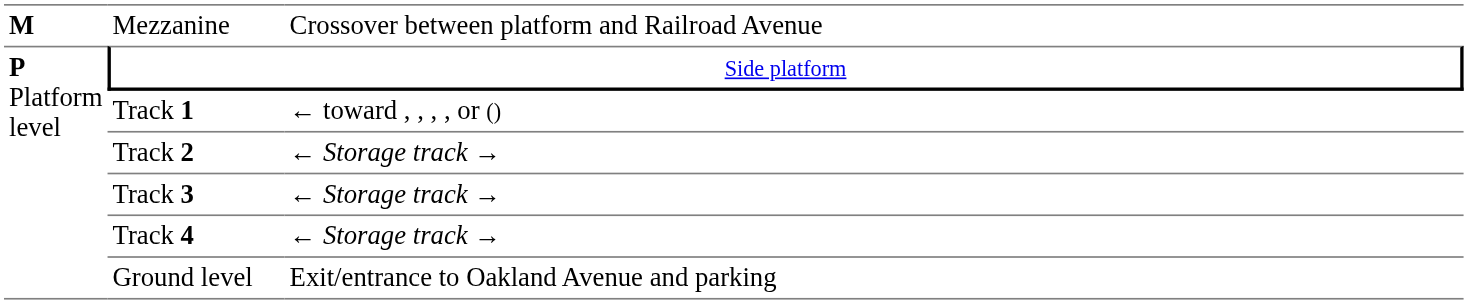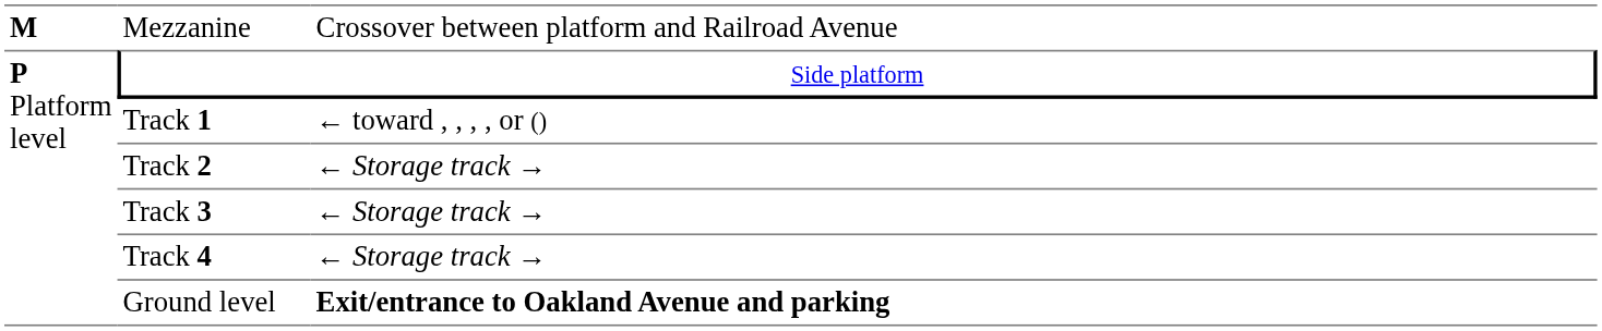 <table border=0 cellspacing=0 cellpadding=3>
 <tr>
 <td style="border-top:solid 1px gray;" width=50><strong>M</strong></td>
 <td style="border-top:solid 1px gray;" width=100>Mezzanine</td>
 <td style="border-top:solid 1px gray;" width=700>Crossover between platform and Railroad Avenue</td>
 </tr>
 <tr>
 <td style="border-top:solid 1px gray;border-bottom:solid 1px gray;" rowspan=6 valign=top><strong>P</strong><br>Platform level</td>
 <td style="border-top:solid 1px gray;border-right:solid 2px black;border-left:solid 2px black;border-bottom:solid 2px black;text-align:center;" colspan=2><small><a href='#'>Side platform</a></small> </td>
 </tr>
 <tr>
 <td style="border-bottom:solid 1px gray;">Track <strong>1</strong></td>
 <td style="border-bottom:solid 1px gray;">←  toward , , , , or  <small>()</small></td>
 </tr>
 <tr>
 <td style="border-bottom:solid 1px gray;">Track <strong>2</strong></td>
 <td style="border-bottom:solid 1px gray;">← <em>Storage track</em> →</td>
 </tr>
 <tr>
 <td style="border-bottom:solid 1px gray;">Track <strong>3</strong></td>
 <td style="border-bottom:solid 1px gray;">← <em>Storage track</em> →</td>
 </tr>
 <tr>
 <td style="border-bottom:solid 1px gray;">Track <strong>4</strong></td>
 <td style="border-bottom:solid 1px gray;">← <em>Storage track</em> →</td>
 </tr>
 <tr>
 <td style="border-bottom:solid 1px gray;">Ground level</td>
-<td style="border-bottom:solid 1px gray;">Exit/entrance to Oakland Avenue and parking</td>
+<td style="border-bottom:solid 1px gray;"><strong>Exit/entrance to Oakland Avenue and parking</strong></td>
 </tr>
 </table>
